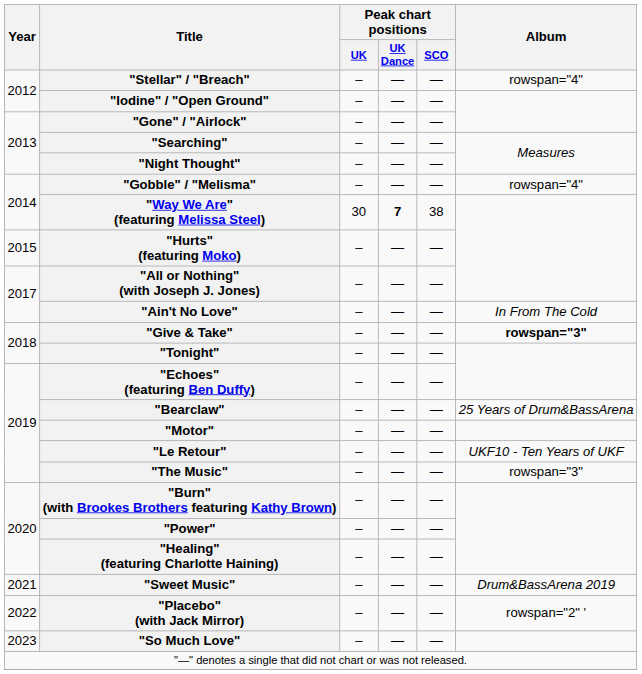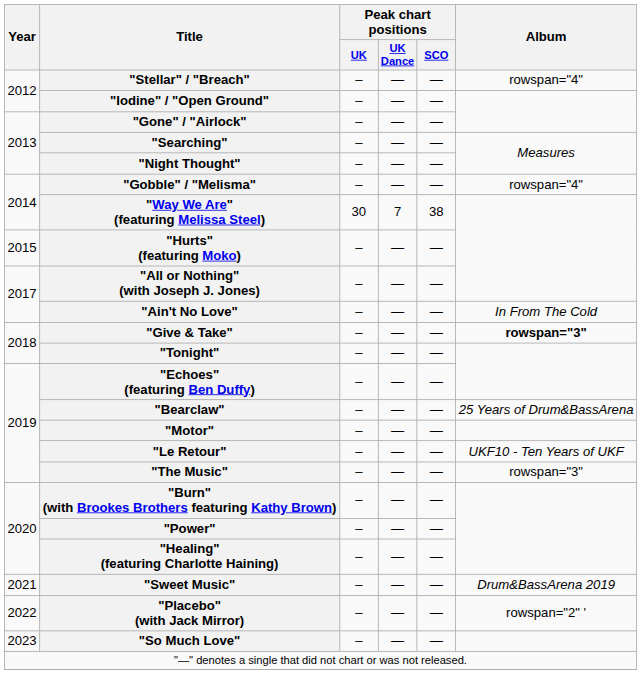 <table class="wikitable plainrowheaders" style="text-align:center;">
 <tr>
 <th scope="col" rowspan="2">Year</th>
 <th scope="col" rowspan="2">Title</th>
 <th scope="col" colspan="3">Peak chart positions</th>
 <th scope="col" rowspan="2">Album</th>
 </tr>
 <tr>
 <th scope="col" style="width:3em;font-size:85%;"><a href='#'>UK</a><br></th>
 <th scope="col" style="width:3em;font-size:85%;"><a href='#'>UK<br>Dance</a><br></th>
 <th scope="col" style="width:3em;font-size:85%;"><a href='#'>SCO</a><br></th>
 </tr>
 <tr>
 <td rowspan="2">2012</td>
 <th scope="row">"Stellar" / "Breach"</th>
 <td>–</td>
 <td>—</td>
 <td>—</td>
 <td>rowspan="4" </td>
 </tr>
 <tr>
 <th scope="row">"Iodine" / "Open Ground"</th>
 <td>–</td>
 <td>—</td>
 <td>—</td>
 </tr>
 <tr>
 <td rowspan="3">2013</td>
 <th scope="row">"Gone" / "Airlock"</th>
 <td>–</td>
 <td>—</td>
 <td>—</td>
 </tr>
 <tr>
 <th scope="row">"Searching"</th>
 <td>–</td>
 <td>—</td>
 <td>—</td>
 <td rowspan="2"><em>Measures</em></td>
 </tr>
 <tr>
 <th scope="row">"Night Thought"</th>
 <td>–</td>
 <td>—</td>
 <td>—</td>
 </tr>
 <tr>
 <td rowspan="2">2014</td>
 <th scope="row">"Gobble" / "Melisma"</th>
 <td>–</td>
 <td>—</td>
 <td>—</td>
 <td>rowspan="4" </td>
 </tr>
 <tr>
 <th scope="row">"<a href='#'>Way We Are</a>"<br><span>(featuring <a href='#'>Melissa Steel</a>)</span></th>
 <td>30</td>
-<td><strong>7</strong></td>
+<td>7</td>
 <td>38</td>
 </tr>
 <tr>
 <td rowspan="1">2015</td>
 <th scope="row">"Hurts"<br><span>(featuring <a href='#'>Moko</a>)</span></th>
 <td>–</td>
 <td>—</td>
 <td>—</td>
 </tr>
 <tr>
 <td rowspan="2">2017</td>
 <th scope="row">"All or Nothing"<br><span>(with Joseph J. Jones)</span></th>
 <td>–</td>
 <td>—</td>
 <td>—</td>
 </tr>
 <tr>
 <th scope="row">"Ain't No Love"</th>
 <td>–</td>
 <td>—</td>
 <td>—</td>
 <td><em>In From The Cold</em></td>
 </tr>
 <tr>
 <td rowspan="2">2018</td>
 <th scope="row">"Give & Take"</th>
 <td>–</td>
 <td>—</td>
 <td>—</td>
 <td><strong>rowspan="3" </strong></td>
 </tr>
 <tr>
 <th scope="row">"Tonight"</th>
 <td>–</td>
 <td>—</td>
 <td>—</td>
 </tr>
 <tr>
 <td rowspan="5">2019</td>
 <th scope="row">"Echoes"<br><span>(featuring <a href='#'>Ben Duffy</a>)</span></th>
 <td>–</td>
 <td>—</td>
 <td>—</td>
 </tr>
 <tr>
 <th scope="row">"Bearclaw"</th>
 <td>–</td>
 <td>—</td>
 <td>—</td>
 <td><em>25 Years of Drum&BassArena</em></td>
 </tr>
 <tr>
 <th scope="row">"Motor"</th>
 <td>–</td>
 <td>—</td>
 <td>—</td>
 <td></td>
 </tr>
 <tr>
 <th scope="row">"Le Retour"</th>
 <td>–</td>
 <td>—</td>
 <td>—</td>
 <td><em>UKF10 - Ten Years of UKF</em></td>
 </tr>
 <tr>
 <th scope="row">"The Music"</th>
 <td>–</td>
 <td>—</td>
 <td>—</td>
 <td>rowspan="3" </td>
 </tr>
 <tr>
 <td rowspan="3">2020</td>
 <th scope="row">"Burn"<br><span>(with <a href='#'>Brookes Brothers</a> featuring <a href='#'>Kathy Brown</a>)</span></th>
 <td>–</td>
 <td>—</td>
 <td>—</td>
 </tr>
 <tr>
 <th scope="row">"Power"</th>
 <td>–</td>
 <td>—</td>
 <td>—</td>
 </tr>
 <tr>
 <th scope="row">"Healing"<br><span>(featuring Charlotte Haining)</span></th>
 <td>–</td>
 <td>—</td>
 <td>—</td>
 </tr>
 <tr>
 <td>2021</td>
 <th scope="row">"Sweet Music"</th>
 <td>–</td>
 <td>—</td>
 <td>—</td>
 <td><em>Drum&BassArena 2019</em></td>
 </tr>
 <tr>
 <td>2022</td>
 <th scope="row">"Placebo"<br><span>(with Jack Mirror)</span></th>
 <td>–</td>
 <td>—</td>
 <td>—</td>
 <td>rowspan="2" '</td>
 </tr>
 <tr>
 <td>2023</td>
 <th scope="row">"So Much Love"</th>
 <td>–</td>
 <td>—</td>
 <td>—</td>
 </tr>
 <tr>
 <td colspan="18" style="font-size:85%">"—" denotes a single that did not chart or was not released.</td>
 </tr>
 <tr>
 </tr>
 </table>
